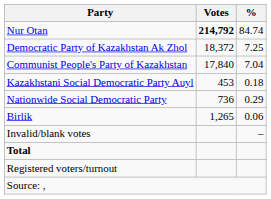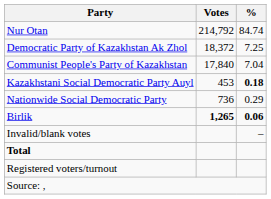 <table class=wikitable style=text-align:right>
 <tr>
 <th>Party</th>
 <th>Votes</th>
 <th>%</th>
 </tr>
 <tr>
 <td align=left><a href='#'>Nur Otan</a></td>
-<td><strong>214,792</strong></td>
+<td>214,792</td>
 <td>84.74</td>
 </tr>
 <tr>
 <td align=left><a href='#'>Democratic Party of Kazakhstan Ak Zhol</a></td>
 <td>18,372</td>
 <td>7.25</td>
 </tr>
 <tr>
 <td align=left><a href='#'>Communist People's Party of Kazakhstan</a></td>
 <td>17,840</td>
 <td>7.04</td>
 </tr>
 <tr>
 <td align=left><a href='#'>Kazakhstani Social Democratic Party Auyl</a></td>
 <td>453</td>
-<td>0.18</td>
+<td><strong>0.18</strong></td>
 </tr>
 <tr>
 <td align=left><a href='#'>Nationwide Social Democratic Party</a></td>
 <td>736</td>
 <td>0.29</td>
 </tr>
 <tr>
 <td align=left><a href='#'>Birlik</a></td>
-<td>1,265</td>
-<td>0.06</td>
+<td><strong>1,265</strong></td>
+<td><strong>0.06</strong></td>
 </tr>
 <tr>
 <td align=left>Invalid/blank votes</td>
 <td></td>
 <td>–</td>
 </tr>
 <tr>
 <td align=left><strong>Total</strong></td>
 <td></td>
 <td></td>
 </tr>
 <tr>
 <td align=left>Registered voters/turnout</td>
 <td></td>
 <td></td>
 </tr>
 <tr>
 <td style="text-align:left;" colspan="5">Source: , </td>
 </tr>
 </table>
